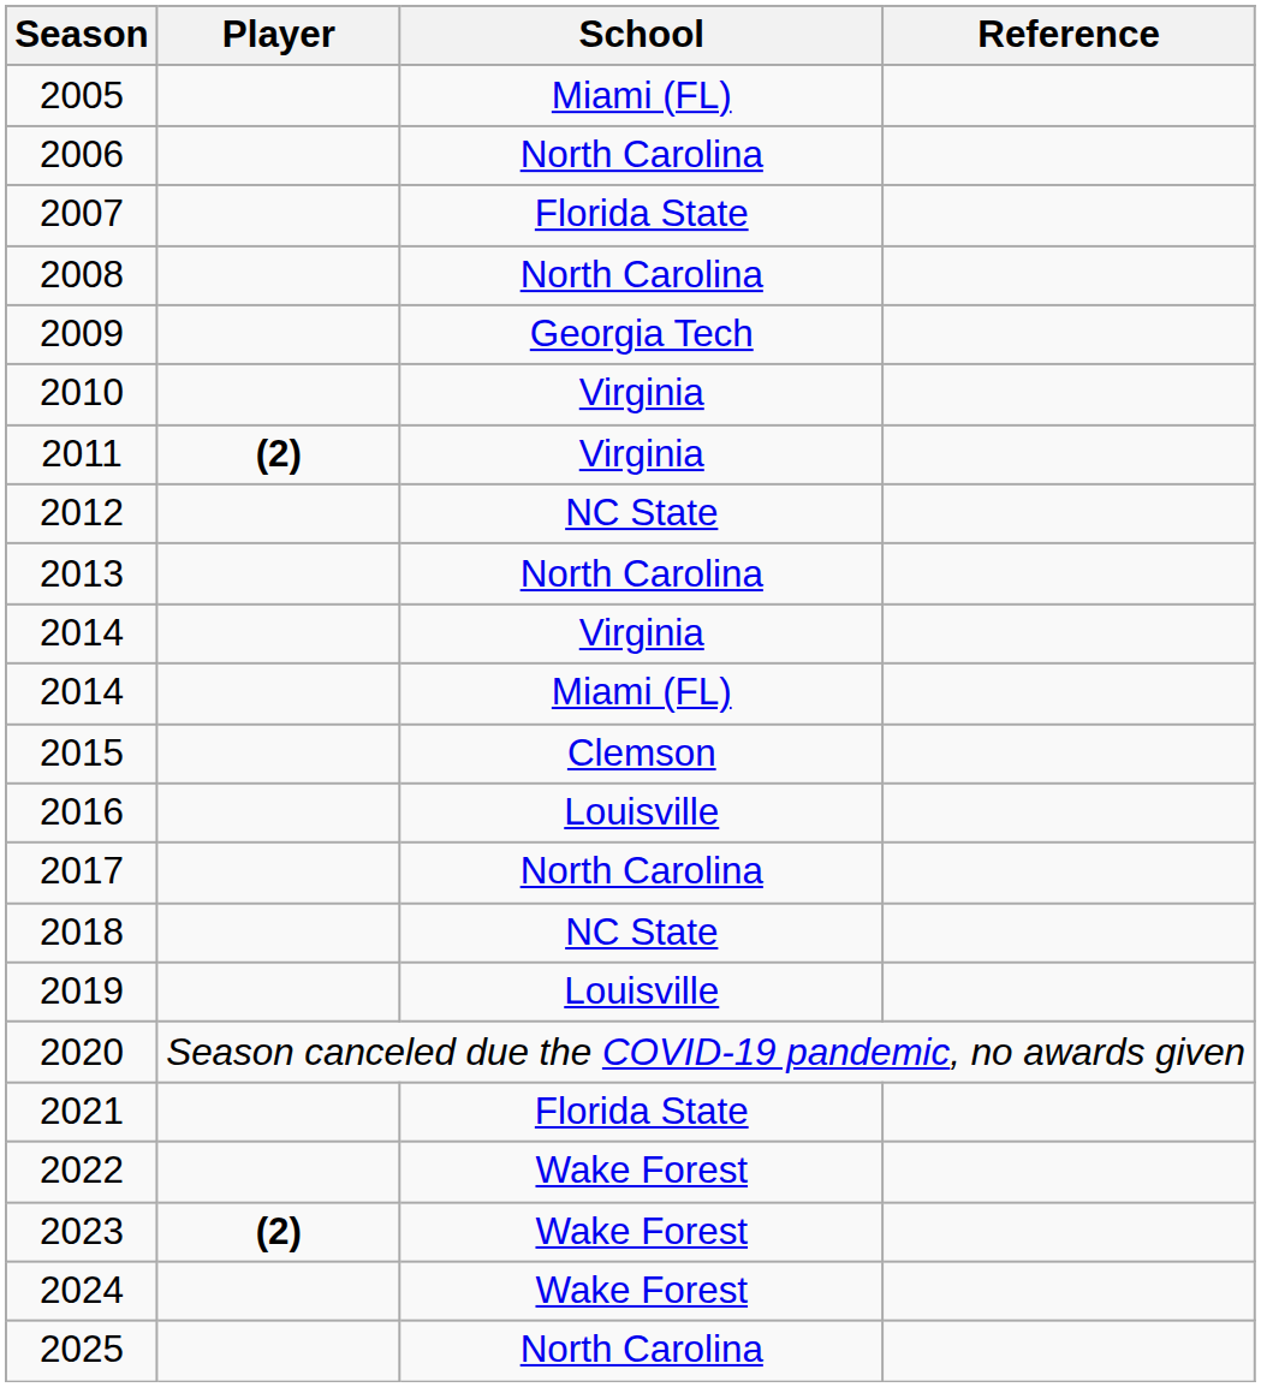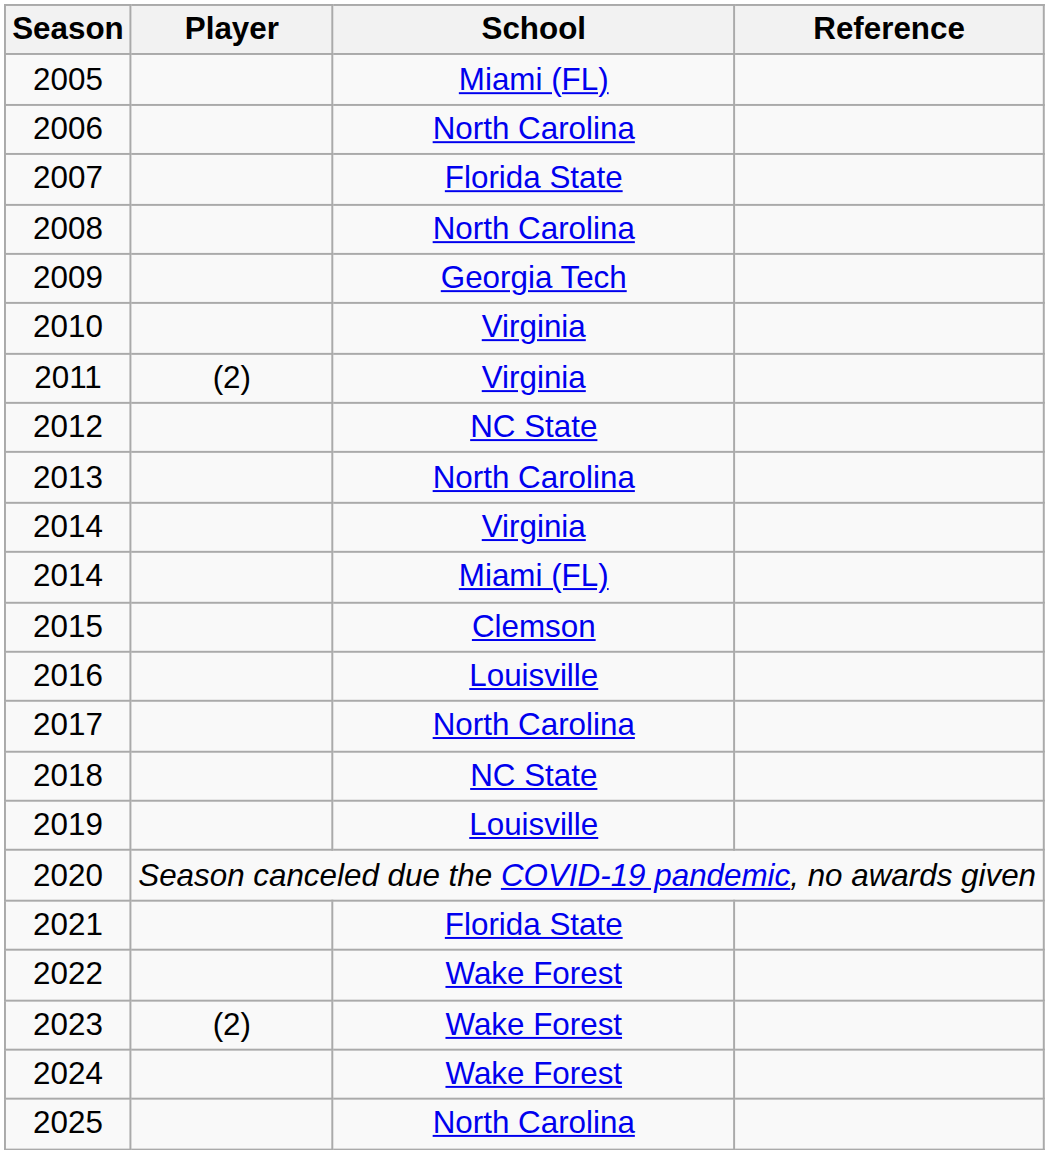 <table class="wikitable sortable">
 <tr>
 <th>Season</th>
 <th>Player</th>
 <th>School</th>
 <th class="unsortable">Reference</th>
 </tr>
 <tr align=center>
 <td>2005</td>
 <td></td>
 <td><a href='#'>Miami (FL)</a></td>
 <td style="text-align:center;"></td>
 </tr>
 <tr align=center>
 <td>2006</td>
 <td></td>
 <td><a href='#'>North Carolina</a></td>
 <td style="text-align:center;"></td>
 </tr>
 <tr align=center>
 <td>2007</td>
 <td></td>
 <td><a href='#'>Florida State</a></td>
 <td style="text-align:center;"></td>
 </tr>
 <tr align=center>
 <td>2008</td>
 <td></td>
 <td><a href='#'>North Carolina</a></td>
 <td style="text-align:center;"></td>
 </tr>
 <tr align=center>
 <td>2009</td>
 <td></td>
 <td><a href='#'>Georgia Tech</a></td>
 <td style="text-align:center;"></td>
 </tr>
 <tr align=center>
 <td>2010</td>
 <td></td>
 <td><a href='#'>Virginia</a></td>
 <td style="text-align:center;"></td>
 </tr>
 <tr align=center>
 <td>2011</td>
-<td><strong> (2)</strong></td>
+<td> (2)</td>
 <td><a href='#'>Virginia</a></td>
 <td style="text-align:center;"></td>
 </tr>
 <tr align=center>
 <td>2012</td>
 <td></td>
 <td><a href='#'>NC State</a></td>
 <td style="text-align:center;"></td>
 </tr>
 <tr align=center>
 <td>2013</td>
 <td></td>
 <td><a href='#'>North Carolina</a></td>
 <td style="text-align:center;"></td>
 </tr>
 <tr align=center>
 <td>2014</td>
 <td></td>
 <td><a href='#'>Virginia</a></td>
 <td style="text-align:center;"></td>
 </tr>
 <tr align=center>
 <td>2014</td>
 <td></td>
 <td><a href='#'>Miami (FL)</a></td>
 <td style="text-align:center;"></td>
 </tr>
 <tr align=center>
 <td>2015</td>
 <td></td>
 <td><a href='#'>Clemson</a></td>
 <td style="text-align:center;"></td>
 </tr>
 <tr align=center>
 <td>2016</td>
 <td></td>
 <td><a href='#'>Louisville</a></td>
 <td style="text-align:center;"></td>
 </tr>
 <tr align=center>
 <td>2017</td>
 <td></td>
 <td><a href='#'>North Carolina</a></td>
 <td style="text-align:center;"></td>
 </tr>
 <tr align=center>
 <td>2018</td>
 <td></td>
 <td><a href='#'>NC State</a></td>
 <td style="text-align:center;"></td>
 </tr>
 <tr align=center>
 <td>2019</td>
 <td></td>
 <td><a href='#'>Louisville</a></td>
 <td style="text-align:center;"></td>
 </tr>
 <tr align=center>
 <td>2020</td>
 <td colspan=3 align=center><em>Season canceled due the <a href='#'>COVID-19 pandemic</a>, no awards given</em></td>
 </tr>
 <tr align=center>
 <td>2021</td>
 <td></td>
 <td><a href='#'>Florida State</a></td>
 <td style="text-align:center;"></td>
 </tr>
 <tr align=center>
 <td>2022</td>
 <td></td>
 <td><a href='#'>Wake Forest</a></td>
 <td style="text-align:center;"></td>
 </tr>
 <tr align=center>
 <td>2023</td>
-<td><strong> (2)</strong></td>
+<td> (2)</td>
 <td><a href='#'>Wake Forest</a></td>
 <td style="text-align:center;"></td>
 </tr>
 <tr align=center>
 <td>2024</td>
 <td></td>
 <td><a href='#'>Wake Forest</a></td>
 <td style="text-align:center;"></td>
 </tr>
 <tr align=center>
 <td>2025</td>
 <td></td>
 <td><a href='#'>North Carolina</a></td>
 <td></td>
 </tr>
 </table>
